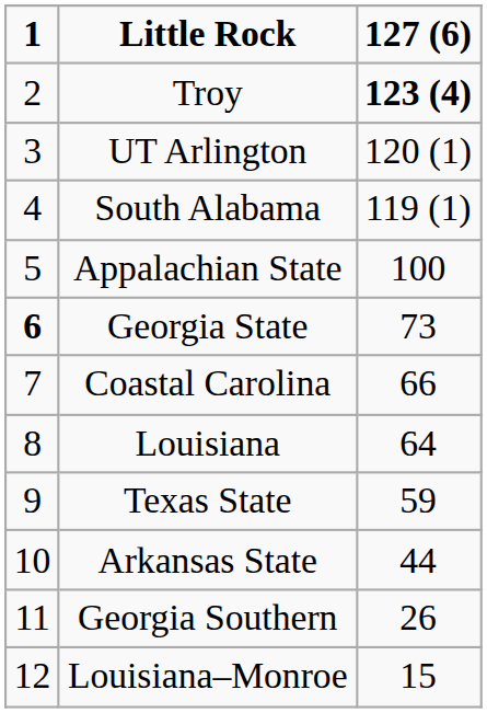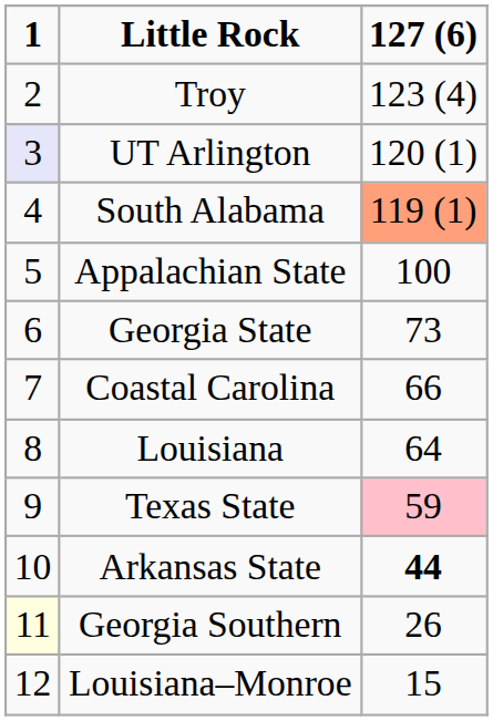 <table class="wikitable">
 <tr align="center">
 </tr>
 <tr align="center">
 <td><strong>1</strong></td>
 <td><strong>Little Rock</strong></td>
 <td><strong>127 (6)</strong></td>
 </tr>
 <tr align="center">
 <td>2</td>
 <td>Troy</td>
-<td><strong>123 (4)</strong></td>
+<td>123 (4)</td>
 </tr>
 <tr align="center">
-<td>3</td>
+<td style="background: lavender;">3</td>
 <td>UT Arlington</td>
 <td>120 (1)</td>
 </tr>
 <tr align="center">
 <td>4</td>
 <td>South Alabama</td>
-<td>119 (1)</td>
+<td style="background: lightsalmon;">119 (1)</td>
 </tr>
 <tr align="center">
 <td>5</td>
 <td>Appalachian State</td>
 <td>100</td>
 </tr>
 <tr align="center">
-<td><strong>6</strong></td>
+<td>6</td>
 <td>Georgia State</td>
 <td>73</td>
 </tr>
 <tr align="center">
 <td>7</td>
 <td>Coastal Carolina</td>
 <td>66</td>
 </tr>
 <tr align="center">
 <td>8</td>
 <td>Louisiana</td>
 <td>64</td>
 </tr>
 <tr align="center">
 <td>9</td>
 <td>Texas State</td>
-<td>59</td>
+<td style="background: pink;">59</td>
 </tr>
 <tr align="center">
 <td>10</td>
 <td>Arkansas State</td>
-<td>44</td>
+<td><strong>44</strong></td>
 </tr>
 <tr align="center">
-<td>11</td>
+<td style="background: lightyellow;">11</td>
 <td>Georgia Southern</td>
 <td>26</td>
 </tr>
 <tr align="center">
 <td>12</td>
 <td>Louisiana–Monroe</td>
 <td>15</td>
 </tr>
 </table>
